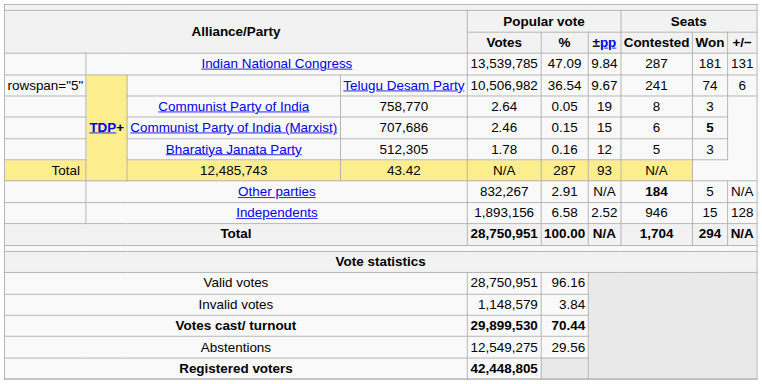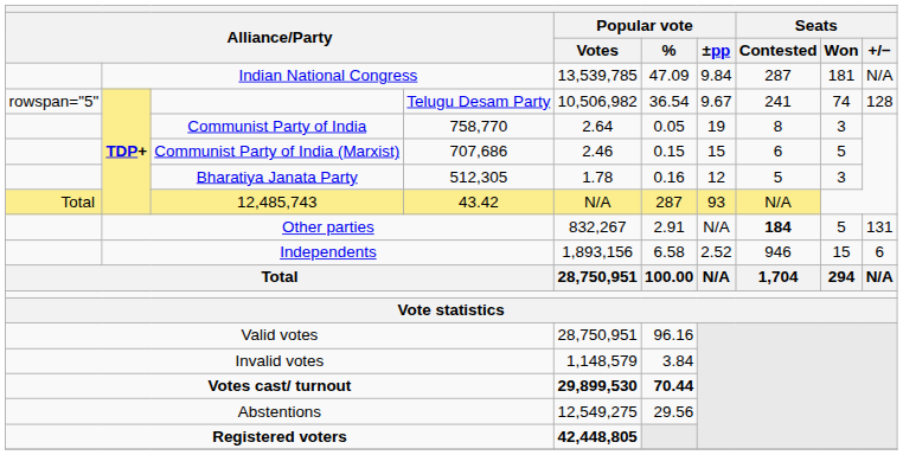 <table class="wikitable sortable" style="text-align:center;">
 <tr>
 <th colspan=10></th>
 </tr>
 <tr>
 <th colspan="4" rowspan="2">Alliance/Party</th>
 <th colspan="3">Popular vote</th>
 <th colspan="3">Seats</th>
 </tr>
 <tr>
 <th>Votes</th>
 <th>%</th>
 <th>±<a href='#'>pp</a></th>
 <th>Contested</th>
 <th>Won</th>
 <th><strong>+/−</strong></th>
 </tr>
 <tr>
 <td></td>
 <td colspan=3><a href='#'>Indian National Congress</a></td>
 <td>13,539,785</td>
 <td>47.09</td>
 <td> 9.84</td>
 <td>287</td>
 <td>181</td>
-<td> 131</td>
+<td>N/A</td>
 </tr>
 <tr>
 <td>rowspan="5" </td>
 <th rowspan="5" style="background:#FCEE8D"><a href='#'>TDP</a>+</th>
 <td></td>
 <td><a href='#'>Telugu Desam Party</a></td>
 <td>10,506,982</td>
 <td>36.54</td>
 <td> 9.67</td>
 <td>241</td>
 <td>74</td>
-<td> 6</td>
+<td> 128</td>
 </tr>
 <tr>
 <td></td>
 <td><a href='#'>Communist Party of India</a></td>
 <td>758,770</td>
 <td>2.64</td>
 <td> 0.05</td>
 <td>19</td>
 <td>8</td>
 <td> 3</td>
 </tr>
 <tr>
 <td></td>
 <td><a href='#'>Communist Party of India (Marxist)</a></td>
 <td>707,686</td>
 <td>2.46</td>
 <td> 0.15</td>
 <td>15</td>
 <td>6</td>
-<td><strong> 5</strong></td>
+<td> 5</td>
 </tr>
 <tr>
 <td></td>
 <td><a href='#'>Bharatiya Janata Party</a></td>
 <td>512,305</td>
 <td>1.78</td>
 <td> 0.16</td>
 <td>12</td>
 <td>5</td>
 <td> 3</td>
 </tr>
 <tr>
 <td colspan="2" style="background:#FCEE8D">Total</td>
 <td style="background:#FCEE8D">12,485,743</td>
 <td style="background:#FCEE8D">43.42</td>
 <td style="background:#FCEE8D">N/A</td>
 <td style="background:#FCEE8D">287</td>
 <td style="background:#FCEE8D">93</td>
 <td style="background:#FCEE8D">N/A</td>
 </tr>
 <tr>
 <td></td>
 <td colspan="3"><a href='#'>Other parties</a></td>
 <td>832,267</td>
 <td>2.91</td>
 <td>N/A</td>
 <td><strong>184</strong></td>
 <td>5</td>
-<td>N/A</td>
+<td> 131</td>
 </tr>
 <tr>
 <td></td>
 <td colspan="3"><a href='#'>Independents</a></td>
 <td>1,893,156</td>
 <td>6.58</td>
 <td> 2.52</td>
 <td>946</td>
 <td>15</td>
-<td> 128</td>
+<td> 6</td>
 </tr>
 <tr>
 <th colspan="4">Total</th>
 <th>28,750,951</th>
 <th>100.00</th>
 <th>N/A</th>
 <th>1,704</th>
 <th>294</th>
 <th>N/A</th>
 </tr>
 <tr>
 <td colspan="10"></td>
 </tr>
 <tr>
 <th colspan="10">Vote statistics</th>
 </tr>
 <tr>
 <td colspan="4">Valid votes</td>
 <td align="right">28,750,951</td>
 <td align="right">96.16</td>
 <th colspan="4" rowspan="5" style="background-color:#E9E9E9"></th>
 </tr>
 <tr>
 <td colspan="4">Invalid votes</td>
 <td align="right">1,148,579</td>
 <td align="right">3.84</td>
 </tr>
 <tr>
 <td colspan="4"><strong>Votes cast/ turnout</strong></td>
 <td align="right"><strong>29,899,530</strong></td>
 <td align="right"><strong>70.44</strong></td>
 </tr>
 <tr>
 <td colspan="4">Abstentions</td>
 <td align="right">12,549,275</td>
 <td align="right">29.56</td>
 </tr>
 <tr>
 <td colspan="4"><strong>Registered voters</strong></td>
 <td align="right"><strong>42,448,805</strong></td>
 <td style="background-color:#E9E9E9"></td>
 </tr>
 <tr>
 </tr>
 </table>
